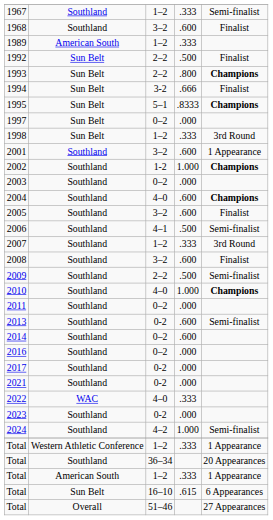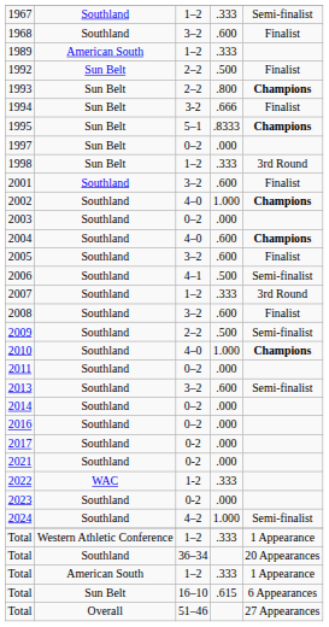 <table class="wikitable sortable" style="text-align:center">
 <tr>
 </tr>
 <tr>
 <td>1967</td>
 <td><a href='#'>Southland</a></td>
 <td>1–2</td>
 <td>.333</td>
 <td>Semi-finalist</td>
 </tr>
 <tr>
 <td>1968</td>
 <td>Southland</td>
 <td>3–2</td>
 <td>.600</td>
 <td>Finalist</td>
 </tr>
 <tr>
 <td>1989</td>
 <td><a href='#'>American South</a></td>
 <td>1–2</td>
 <td>.333</td>
 <td></td>
 </tr>
 <tr>
 <td>1992</td>
 <td><a href='#'>Sun Belt</a></td>
 <td>2–2</td>
 <td>.500</td>
 <td>Finalist</td>
 </tr>
 <tr>
 <td>1993</td>
 <td>Sun Belt</td>
 <td>2–2</td>
 <td>.800</td>
 <td><strong>Champions</strong></td>
 </tr>
 <tr>
 <td>1994</td>
 <td>Sun Belt</td>
 <td>3-2</td>
 <td>.666</td>
 <td>Finalist</td>
 </tr>
 <tr>
 <td>1995</td>
 <td>Sun Belt</td>
 <td>5–1</td>
 <td>.8333</td>
 <td><strong>Champions</strong></td>
 </tr>
 <tr>
 <td>1997</td>
 <td>Sun Belt</td>
 <td>0–2</td>
 <td>.000</td>
 <td></td>
 </tr>
 <tr>
 <td>1998</td>
 <td>Sun Belt</td>
 <td>1–2</td>
 <td>.333</td>
 <td>3rd Round</td>
 </tr>
 <tr>
 <td>2001</td>
 <td><a href='#'>Southland</a></td>
 <td>3–2</td>
 <td>.600</td>
-<td>1 Appearance</td>
+<td>Finalist</td>
 </tr>
 <tr>
 <td>2002</td>
 <td>Southland</td>
-<td>1-2</td>
+<td>4–0</td>
 <td>1.000</td>
 <td><strong>Champions</strong></td>
 </tr>
 <tr>
 <td>2003</td>
 <td>Southland</td>
 <td>0–2</td>
 <td>.000</td>
 <td></td>
 </tr>
 <tr>
 <td>2004</td>
 <td>Southland</td>
 <td>4–0</td>
 <td>.600</td>
 <td><strong>Champions</strong></td>
 </tr>
 <tr>
 <td>2005</td>
 <td>Southland</td>
 <td>3–2</td>
 <td>.600</td>
 <td>Finalist</td>
 </tr>
 <tr>
 <td>2006</td>
 <td>Southland</td>
 <td>4–1</td>
 <td>.500</td>
 <td>Semi-finalist</td>
 </tr>
 <tr>
 <td>2007</td>
 <td>Southland</td>
 <td>1–2</td>
 <td>.333</td>
 <td>3rd Round</td>
 </tr>
 <tr>
 <td>2008</td>
 <td>Southland</td>
 <td>3–2</td>
 <td>.600</td>
 <td>Finalist</td>
 </tr>
 <tr>
 <td><a href='#'>2009</a></td>
 <td>Southland</td>
 <td>2–2</td>
 <td>.500</td>
 <td>Semi-finalist</td>
 </tr>
 <tr>
 <td><a href='#'>2010</a></td>
 <td>Southland</td>
 <td>4–0</td>
 <td>1.000</td>
 <td><strong>Champions</strong></td>
 </tr>
 <tr>
 <td><a href='#'>2011</a></td>
 <td>Southland</td>
 <td>0–2</td>
 <td>.000</td>
 <td></td>
 </tr>
 <tr>
 <td><a href='#'>2013</a></td>
 <td>Southland</td>
-<td>0-2</td>
+<td>3–2</td>
 <td>.600</td>
 <td>Semi-finalist</td>
 </tr>
 <tr>
 <td><a href='#'>2014</a></td>
 <td>Southland</td>
 <td>0–2</td>
-<td>.600</td>
+<td>.000</td>
 <td></td>
 </tr>
 <tr>
 <td><a href='#'>2016</a></td>
 <td>Southland</td>
 <td>0–2</td>
 <td>.000</td>
 <td></td>
 </tr>
 <tr>
 <td><a href='#'>2017</a></td>
 <td>Southland</td>
 <td>0-2</td>
 <td>.000</td>
 <td></td>
 </tr>
 <tr>
 <td><a href='#'>2021</a></td>
 <td>Southland</td>
 <td>0-2</td>
 <td>.000</td>
 <td></td>
 </tr>
 <tr>
 <td><a href='#'>2022</a></td>
 <td><a href='#'>WAC</a></td>
-<td>4–0</td>
+<td>1-2</td>
 <td>.333</td>
 <td></td>
 </tr>
 <tr>
 <td><a href='#'>2023</a></td>
 <td>Southland</td>
 <td>0-2</td>
 <td>.000</td>
 <td></td>
 </tr>
 <tr>
 <td><a href='#'>2024</a></td>
 <td>Southland</td>
 <td>4–2</td>
 <td>1.000</td>
 <td>Semi-finalist</td>
 </tr>
 <tr>
 </tr>
 <tr class="sortbottom">
 <td>Total</td>
 <td>Western Athletic Conference</td>
 <td>1–2</td>
 <td>.333</td>
 <td>1 Appearance</td>
 </tr>
 <tr class="sortbottom">
 <td>Total</td>
 <td>Southland</td>
 <td>36–34</td>
 <td></td>
 <td>20 Appearances</td>
 </tr>
 <tr class="sortbottom">
 <td>Total</td>
 <td>American South</td>
 <td>1–2</td>
 <td>.333</td>
 <td>1 Appearance</td>
 </tr>
 <tr class="sortbottom">
 <td>Total</td>
 <td>Sun Belt</td>
 <td>16–10</td>
 <td>.615</td>
 <td>6 Appearances</td>
 </tr>
 <tr class="sortbottom">
 <td>Total</td>
 <td>Overall</td>
 <td>51–46</td>
 <td></td>
 <td>27 Appearances</td>
 </tr>
 </table>
